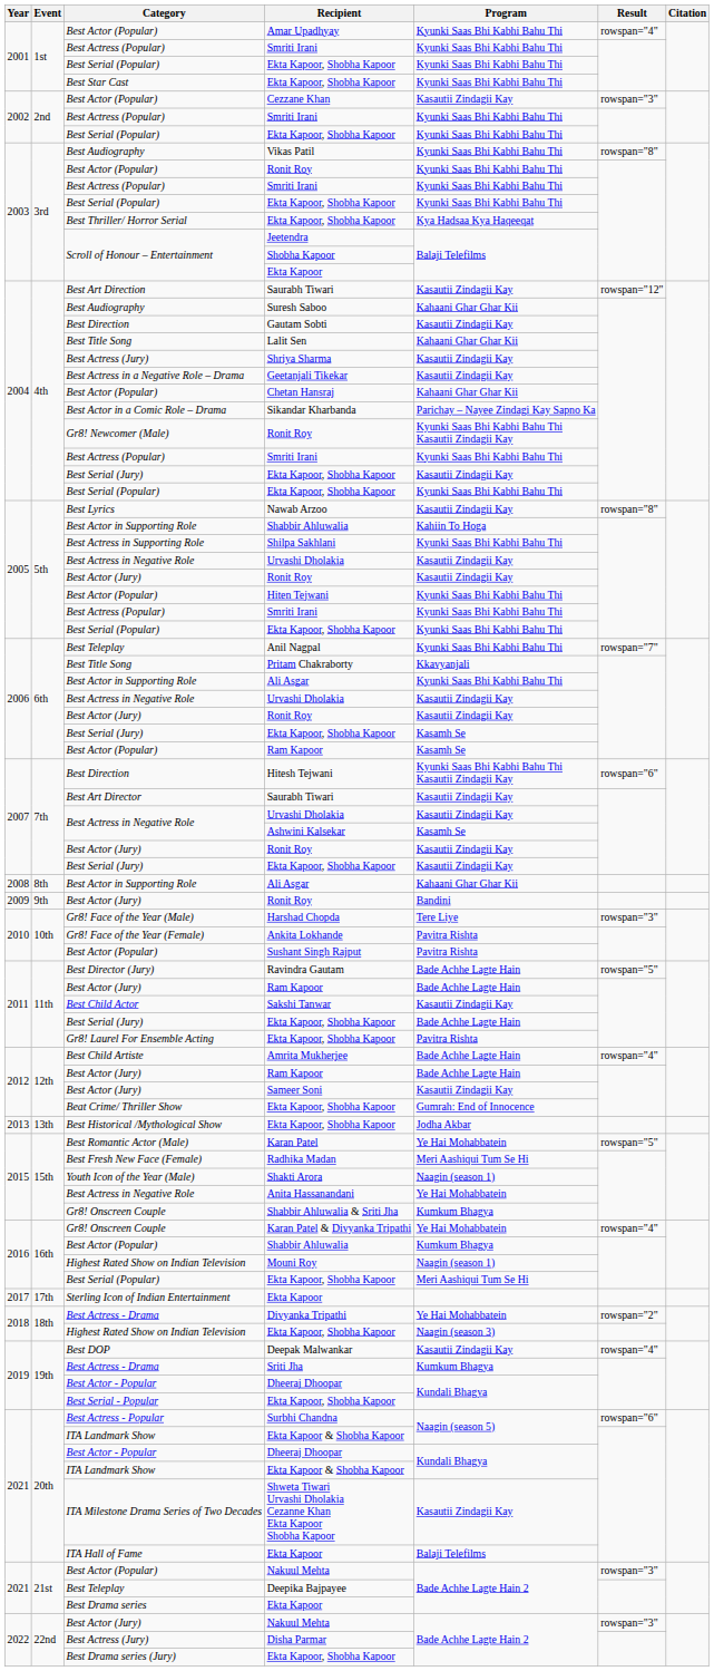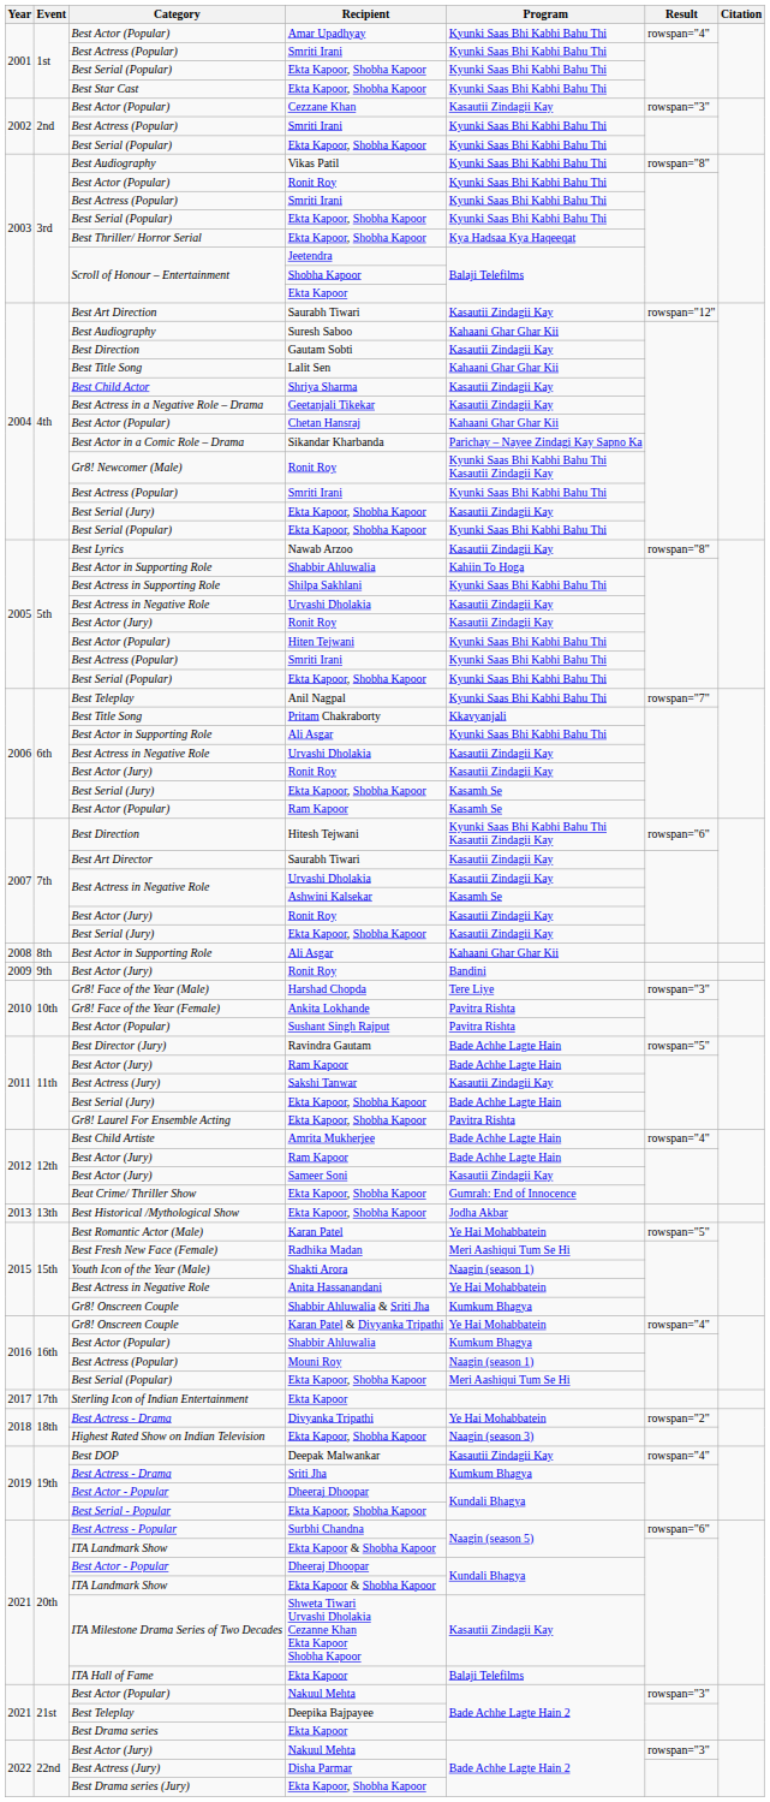 <table class="wikitable">
 <tr>
 <th>Year</th>
 <th>Event</th>
 <th>Category</th>
 <th>Recipient</th>
 <th>Program</th>
 <th>Result</th>
 <th>Citation</th>
 </tr>
 <tr>
 <td rowspan="4">2001</td>
 <td rowspan="4">1st</td>
 <td><em>Best Actor (Popular)</em></td>
 <td><a href='#'>Amar Upadhyay</a></td>
 <td><a href='#'>Kyunki Saas Bhi Kabhi Bahu Thi</a></td>
 <td>rowspan="4" </td>
 <td rowspan="4"></td>
 </tr>
 <tr>
 <td><em>Best Actress (Popular)</em></td>
 <td><a href='#'>Smriti Irani</a></td>
 <td><a href='#'>Kyunki Saas Bhi Kabhi Bahu Thi</a></td>
 </tr>
 <tr>
 <td><em>Best Serial (Popular)</em></td>
 <td><a href='#'>Ekta Kapoor</a>, <a href='#'>Shobha Kapoor</a></td>
 <td><a href='#'>Kyunki Saas Bhi Kabhi Bahu Thi</a></td>
 </tr>
 <tr>
 <td><em>Best Star Cast</em></td>
 <td><a href='#'>Ekta Kapoor</a>, <a href='#'>Shobha Kapoor</a></td>
 <td><a href='#'>Kyunki Saas Bhi Kabhi Bahu Thi</a></td>
 </tr>
 <tr>
 <td rowspan="3">2002</td>
 <td rowspan="3">2nd</td>
 <td><em>Best Actor (Popular)</em></td>
 <td><a href='#'>Cezzane Khan</a></td>
 <td><a href='#'>Kasautii Zindagii Kay</a></td>
 <td>rowspan="3" </td>
 <td rowspan="3"></td>
 </tr>
 <tr>
 <td><em>Best Actress (Popular)</em></td>
 <td><a href='#'>Smriti Irani</a></td>
 <td><a href='#'>Kyunki Saas Bhi Kabhi Bahu Thi</a></td>
 </tr>
 <tr>
 <td><em>Best Serial (Popular)</em></td>
 <td><a href='#'>Ekta Kapoor</a>, <a href='#'>Shobha Kapoor</a></td>
 <td><a href='#'>Kyunki Saas Bhi Kabhi Bahu Thi</a></td>
 </tr>
 <tr>
 <td rowspan="8">2003</td>
 <td rowspan="8">3rd</td>
 <td><em>Best Audiography</em></td>
 <td>Vikas Patil</td>
 <td><a href='#'>Kyunki Saas Bhi Kabhi Bahu Thi</a></td>
 <td>rowspan="8" </td>
 <td rowspan="8"></td>
 </tr>
 <tr>
 <td><em>Best Actor (Popular)</em></td>
 <td><a href='#'>Ronit Roy</a></td>
 <td><a href='#'>Kyunki Saas Bhi Kabhi Bahu Thi</a></td>
 </tr>
 <tr>
 <td><em>Best Actress (Popular)</em></td>
 <td><a href='#'>Smriti Irani</a></td>
 <td><a href='#'>Kyunki Saas Bhi Kabhi Bahu Thi</a></td>
 </tr>
 <tr>
 <td><em>Best Serial (Popular)</em></td>
 <td><a href='#'>Ekta Kapoor</a>, <a href='#'>Shobha Kapoor</a></td>
 <td><a href='#'>Kyunki Saas Bhi Kabhi Bahu Thi</a></td>
 </tr>
 <tr>
 <td><em>Best Thriller/ Horror Serial</em></td>
 <td><a href='#'>Ekta Kapoor</a>, <a href='#'>Shobha Kapoor</a></td>
 <td><a href='#'>Kya Hadsaa Kya Haqeeqat</a></td>
 </tr>
 <tr>
 <td rowspan="3"><em>Scroll of Honour – Entertainment</em></td>
 <td><a href='#'>Jeetendra</a></td>
 <td rowspan="3"><a href='#'>Balaji Telefilms</a></td>
 </tr>
 <tr>
 <td><a href='#'>Shobha Kapoor</a></td>
 </tr>
 <tr>
 <td><a href='#'>Ekta Kapoor</a></td>
 </tr>
 <tr>
 <td rowspan="12">2004</td>
 <td rowspan="12">4th</td>
 <td><em>Best Art Direction</em></td>
 <td>Saurabh Tiwari</td>
 <td><a href='#'>Kasautii Zindagii Kay</a></td>
 <td>rowspan="12" </td>
 <td rowspan="12"></td>
 </tr>
 <tr>
 <td><em>Best Audiography</em></td>
 <td>Suresh Saboo</td>
 <td><a href='#'>Kahaani Ghar Ghar Kii</a></td>
 </tr>
 <tr>
 <td><em>Best Direction</em></td>
 <td>Gautam Sobti</td>
 <td><a href='#'>Kasautii Zindagii Kay</a></td>
 </tr>
 <tr>
 <td><em>Best Title Song</em></td>
 <td>Lalit Sen</td>
 <td><a href='#'>Kahaani Ghar Ghar Kii</a></td>
 </tr>
 <tr>
-<td><em>Best Actress (Jury)</em></td>
+<td><em><a href='#'>Best Child Actor</a></em></td>
 <td><a href='#'>Shriya Sharma</a></td>
 <td><a href='#'>Kasautii Zindagii Kay</a></td>
 </tr>
 <tr>
 <td><em>Best Actress in a Negative Role – Drama</em></td>
 <td><a href='#'>Geetanjali Tikekar</a></td>
 <td><a href='#'>Kasautii Zindagii Kay</a></td>
 </tr>
 <tr>
 <td><em>Best Actor (Popular)</em></td>
 <td><a href='#'>Chetan Hansraj</a></td>
 <td><a href='#'>Kahaani Ghar Ghar Kii</a></td>
 </tr>
 <tr>
 <td><em>Best Actor in a Comic Role – Drama</em></td>
 <td>Sikandar Kharbanda</td>
 <td><a href='#'>Parichay – Nayee Zindagi Kay Sapno Ka</a></td>
 </tr>
 <tr>
 <td><em>Gr8! Newcomer (Male)</em></td>
 <td><a href='#'>Ronit Roy</a></td>
 <td><a href='#'>Kyunki Saas Bhi Kabhi Bahu Thi</a> <br> <a href='#'>Kasautii Zindagii Kay</a></td>
 </tr>
 <tr>
 <td><em>Best Actress (Popular)</em></td>
 <td><a href='#'>Smriti Irani</a></td>
 <td><a href='#'>Kyunki Saas Bhi Kabhi Bahu Thi</a></td>
 </tr>
 <tr>
 <td><em>Best Serial (Jury)</em></td>
 <td><a href='#'>Ekta Kapoor</a>, <a href='#'>Shobha Kapoor</a></td>
 <td><a href='#'>Kasautii Zindagii Kay</a></td>
 </tr>
 <tr>
 <td><em>Best Serial (Popular)</em></td>
 <td><a href='#'>Ekta Kapoor</a>, <a href='#'>Shobha Kapoor</a></td>
 <td><a href='#'>Kyunki Saas Bhi Kabhi Bahu Thi</a></td>
 </tr>
 <tr>
 <td rowspan="8">2005</td>
 <td rowspan="8">5th</td>
 <td><em>Best Lyrics</em></td>
 <td>Nawab Arzoo</td>
 <td><a href='#'>Kasautii Zindagii Kay</a></td>
 <td>rowspan="8" </td>
 <td rowspan="8"></td>
 </tr>
 <tr>
 <td><em>Best Actor in Supporting Role</em></td>
 <td><a href='#'>Shabbir Ahluwalia</a></td>
 <td><a href='#'>Kahiin To Hoga</a></td>
 </tr>
 <tr>
 <td><em>Best Actress in Supporting Role</em></td>
 <td><a href='#'>Shilpa Sakhlani</a></td>
 <td><a href='#'>Kyunki Saas Bhi Kabhi Bahu Thi</a></td>
 </tr>
 <tr>
 <td><em>Best Actress in Negative Role</em></td>
 <td><a href='#'>Urvashi Dholakia</a></td>
 <td><a href='#'>Kasautii Zindagii Kay</a></td>
 </tr>
 <tr>
 <td><em>Best Actor (Jury)</em></td>
 <td><a href='#'>Ronit Roy</a></td>
 <td><a href='#'>Kasautii Zindagii Kay</a></td>
 </tr>
 <tr>
 <td><em>Best Actor (Popular)</em></td>
 <td><a href='#'>Hiten Tejwani</a></td>
 <td><a href='#'>Kyunki Saas Bhi Kabhi Bahu Thi</a></td>
 </tr>
 <tr>
 <td><em>Best Actress (Popular)</em></td>
 <td><a href='#'>Smriti Irani</a></td>
 <td><a href='#'>Kyunki Saas Bhi Kabhi Bahu Thi</a></td>
 </tr>
 <tr>
 <td><em>Best Serial (Popular)</em></td>
 <td><a href='#'>Ekta Kapoor</a>, <a href='#'>Shobha Kapoor</a></td>
 <td><a href='#'>Kyunki Saas Bhi Kabhi Bahu Thi</a></td>
 </tr>
 <tr>
 <td rowspan="7">2006</td>
 <td rowspan="7">6th</td>
 <td><em>Best Teleplay</em></td>
 <td>Anil Nagpal</td>
 <td><a href='#'>Kyunki Saas Bhi Kabhi Bahu Thi</a></td>
 <td>rowspan="7" </td>
 <td rowspan="7"></td>
 </tr>
 <tr>
 <td><em>Best Title Song</em></td>
 <td><a href='#'>Pritam</a> Chakraborty</td>
 <td><a href='#'>Kkavyanjali</a></td>
 </tr>
 <tr>
 <td><em>Best Actor in Supporting Role</em></td>
 <td><a href='#'>Ali Asgar</a></td>
 <td><a href='#'>Kyunki Saas Bhi Kabhi Bahu Thi</a></td>
 </tr>
 <tr>
 <td><em>Best Actress in Negative Role</em></td>
 <td><a href='#'>Urvashi Dholakia</a></td>
 <td><a href='#'>Kasautii Zindagii Kay</a></td>
 </tr>
 <tr>
 <td><em>Best Actor (Jury)</em></td>
 <td><a href='#'>Ronit Roy</a></td>
 <td><a href='#'>Kasautii Zindagii Kay</a></td>
 </tr>
 <tr>
 <td><em>Best Serial (Jury)</em></td>
 <td><a href='#'>Ekta Kapoor</a>, <a href='#'>Shobha Kapoor</a></td>
 <td><a href='#'>Kasamh Se</a></td>
 </tr>
 <tr>
 <td><em>Best Actor (Popular)</em></td>
 <td><a href='#'>Ram Kapoor</a></td>
 <td><a href='#'>Kasamh Se</a></td>
 </tr>
 <tr>
 <td rowspan="6">2007</td>
 <td rowspan="6">7th</td>
 <td><em>Best Direction</em></td>
 <td>Hitesh Tejwani</td>
 <td><a href='#'>Kyunki Saas Bhi Kabhi Bahu Thi</a> <br> <a href='#'>Kasautii Zindagii Kay</a></td>
 <td>rowspan="6" </td>
 <td rowspan="6"></td>
 </tr>
 <tr>
 <td><em>Best Art Director</em></td>
 <td>Saurabh Tiwari</td>
 <td><a href='#'>Kasautii Zindagii Kay</a></td>
 </tr>
 <tr>
 <td rowspan="2"><em>Best Actress in Negative Role</em></td>
 <td><a href='#'>Urvashi Dholakia</a></td>
 <td><a href='#'>Kasautii Zindagii Kay</a></td>
 </tr>
 <tr>
 <td><a href='#'>Ashwini Kalsekar</a></td>
 <td><a href='#'>Kasamh Se</a></td>
 </tr>
 <tr>
 <td><em>Best Actor (Jury)</em></td>
 <td><a href='#'>Ronit Roy</a></td>
 <td><a href='#'>Kasautii Zindagii Kay</a></td>
 </tr>
 <tr>
 <td><em>Best Serial (Jury)</em></td>
 <td><a href='#'>Ekta Kapoor</a>, <a href='#'>Shobha Kapoor</a></td>
 <td><a href='#'>Kasautii Zindagii Kay</a></td>
 </tr>
 <tr>
 <td>2008</td>
 <td>8th</td>
 <td><em>Best Actor in Supporting Role</em></td>
 <td><a href='#'>Ali Asgar</a></td>
 <td><a href='#'>Kahaani Ghar Ghar Kii</a></td>
 <td></td>
 <td></td>
 </tr>
 <tr>
 <td>2009</td>
 <td>9th</td>
 <td><em>Best Actor (Jury)</em></td>
 <td><a href='#'>Ronit Roy</a></td>
 <td><a href='#'>Bandini</a></td>
 <td></td>
 <td></td>
 </tr>
 <tr>
 <td rowspan="3">2010</td>
 <td rowspan="3">10th</td>
 <td><em>Gr8! Face of the Year (Male)</em></td>
 <td><a href='#'>Harshad Chopda</a></td>
 <td><a href='#'>Tere Liye</a></td>
 <td>rowspan="3" </td>
 <td rowspan="3"></td>
 </tr>
 <tr>
 <td><em>Gr8! Face of the Year (Female)</em></td>
 <td><a href='#'>Ankita Lokhande</a></td>
 <td><a href='#'>Pavitra Rishta</a></td>
 </tr>
 <tr>
 <td><em>Best Actor (Popular)</em></td>
 <td><a href='#'>Sushant Singh Rajput</a></td>
 <td><a href='#'>Pavitra Rishta</a></td>
 </tr>
 <tr>
 <td rowspan="5">2011</td>
 <td rowspan="5">11th</td>
 <td><em>Best Director (Jury)</em></td>
 <td>Ravindra Gautam</td>
 <td><a href='#'>Bade Achhe Lagte Hain</a></td>
 <td>rowspan="5" </td>
 <td rowspan="5"></td>
 </tr>
 <tr>
 <td><em>Best Actor (Jury)</em></td>
 <td><a href='#'>Ram Kapoor</a></td>
 <td><a href='#'>Bade Achhe Lagte Hain</a></td>
 </tr>
 <tr>
-<td><em><a href='#'>Best Child Actor</a></em></td>
+<td><em>Best Actress (Jury)</em></td>
 <td><a href='#'>Sakshi Tanwar</a></td>
 <td><a href='#'>Kasautii Zindagii Kay</a></td>
 </tr>
 <tr>
 <td><em>Best Serial (Jury)</em></td>
 <td><a href='#'>Ekta Kapoor</a>, <a href='#'>Shobha Kapoor</a></td>
 <td><a href='#'>Bade Achhe Lagte Hain</a></td>
 </tr>
 <tr>
 <td><em>Gr8! Laurel For Ensemble Acting</em></td>
 <td><a href='#'>Ekta Kapoor</a>, <a href='#'>Shobha Kapoor</a></td>
 <td><a href='#'>Pavitra Rishta</a></td>
 </tr>
 <tr>
 <td rowspan="4">2012</td>
 <td rowspan="4">12th</td>
 <td><em>Best Child Artiste</em></td>
 <td><a href='#'>Amrita Mukherjee</a></td>
 <td><a href='#'>Bade Achhe Lagte Hain</a></td>
 <td>rowspan="4" </td>
 <td rowspan="4"></td>
 </tr>
 <tr>
 <td><em>Best Actor (Jury)</em></td>
 <td><a href='#'>Ram Kapoor</a></td>
 <td><a href='#'>Bade Achhe Lagte Hain</a></td>
 </tr>
 <tr>
 <td><em>Best Actor (Jury)</em></td>
 <td><a href='#'>Sameer Soni</a></td>
 <td><a href='#'>Kasautii Zindagii Kay</a></td>
 </tr>
 <tr>
 <td><em>Beat Crime/ Thriller Show</em></td>
 <td><a href='#'>Ekta Kapoor</a>, <a href='#'>Shobha Kapoor</a></td>
 <td><a href='#'>Gumrah: End of Innocence</a></td>
 </tr>
 <tr>
 <td>2013</td>
 <td>13th</td>
 <td><em>Best Historical /Mythological Show</em></td>
 <td><a href='#'>Ekta Kapoor</a>, <a href='#'>Shobha Kapoor</a></td>
 <td><a href='#'>Jodha Akbar</a></td>
 <td></td>
 <td></td>
 </tr>
 <tr>
 <td rowspan="5">2015</td>
 <td rowspan="5">15th</td>
 <td><em>Best Romantic Actor (Male)</em></td>
 <td><a href='#'>Karan Patel</a></td>
 <td><a href='#'>Ye Hai Mohabbatein</a></td>
 <td>rowspan="5" </td>
 <td rowspan="5"></td>
 </tr>
 <tr>
 <td><em>Best Fresh New Face (Female)</em></td>
 <td><a href='#'>Radhika Madan</a></td>
 <td><a href='#'>Meri Aashiqui Tum Se Hi</a></td>
 </tr>
 <tr>
 <td><em>Youth Icon of the Year (Male)</em></td>
 <td><a href='#'>Shakti Arora</a></td>
 <td><a href='#'>Naagin (season 1)</a></td>
 </tr>
 <tr>
 <td><em>Best Actress in Negative Role</em></td>
 <td><a href='#'>Anita Hassanandani</a></td>
 <td><a href='#'>Ye Hai Mohabbatein</a></td>
 </tr>
 <tr>
 <td><em>Gr8! Onscreen Couple</em></td>
 <td><a href='#'>Shabbir Ahluwalia</a> & <a href='#'>Sriti Jha</a></td>
 <td><a href='#'>Kumkum Bhagya</a></td>
 </tr>
 <tr>
 <td rowspan="4">2016</td>
 <td rowspan="4">16th</td>
 <td><em>Gr8! Onscreen Couple</em></td>
 <td><a href='#'>Karan Patel</a> & <a href='#'>Divyanka Tripathi</a></td>
 <td><a href='#'>Ye Hai Mohabbatein</a></td>
 <td>rowspan="4" </td>
 <td rowspan="4"></td>
 </tr>
 <tr>
 <td><em>Best Actor (Popular)</em></td>
 <td><a href='#'>Shabbir Ahluwalia</a></td>
 <td><a href='#'>Kumkum Bhagya</a></td>
 </tr>
 <tr>
-<td><em>Highest Rated Show on Indian Television</em></td>
+<td><em>Best Actress (Popular)</em></td>
 <td><a href='#'>Mouni Roy</a></td>
 <td><a href='#'>Naagin (season 1)</a></td>
 </tr>
 <tr>
 <td><em>Best Serial (Popular)</em></td>
 <td><a href='#'>Ekta Kapoor</a>, <a href='#'>Shobha Kapoor</a></td>
 <td><a href='#'>Meri Aashiqui Tum Se Hi</a></td>
 </tr>
 <tr>
 <td>2017</td>
 <td>17th</td>
 <td><em>Sterling Icon of Indian Entertainment</em></td>
 <td><a href='#'>Ekta Kapoor</a></td>
 <td></td>
 <td></td>
 <td></td>
 </tr>
 <tr>
 <td rowspan="2">2018</td>
 <td rowspan="2">18th</td>
 <td><em><a href='#'>Best Actress - Drama</a></em></td>
 <td><a href='#'>Divyanka Tripathi</a></td>
 <td><a href='#'>Ye Hai Mohabbatein</a></td>
 <td>rowspan="2" </td>
 <td rowspan="2"></td>
 </tr>
 <tr>
 <td><em>Highest Rated Show on Indian Television</em></td>
 <td><a href='#'>Ekta Kapoor</a>, <a href='#'>Shobha Kapoor</a></td>
 <td><a href='#'>Naagin (season 3)</a></td>
 </tr>
 <tr>
 <td rowspan="4">2019</td>
 <td rowspan="4">19th</td>
 <td><em>Best DOP</em></td>
 <td>Deepak Malwankar</td>
 <td><a href='#'>Kasautii Zindagii Kay</a></td>
 <td>rowspan="4" </td>
 <td rowspan="4"></td>
 </tr>
 <tr>
 <td><em><a href='#'>Best Actress - Drama</a></em></td>
 <td><a href='#'>Sriti Jha</a></td>
 <td><a href='#'>Kumkum Bhagya</a></td>
 </tr>
 <tr>
 <td><em><a href='#'>Best Actor - Popular</a></em></td>
 <td><a href='#'>Dheeraj Dhoopar</a></td>
 <td rowspan="2"><a href='#'>Kundali Bhagya</a></td>
 </tr>
 <tr>
 <td><em><a href='#'>Best Serial - Popular</a></em></td>
 <td><a href='#'>Ekta Kapoor</a>, <a href='#'>Shobha Kapoor</a></td>
 </tr>
 <tr>
 <td rowspan="6">2021</td>
 <td rowspan="6">20th</td>
 <td><em><a href='#'>Best Actress - Popular</a></em></td>
 <td><a href='#'>Surbhi Chandna</a></td>
 <td rowspan="2"><a href='#'>Naagin (season 5)</a></td>
 <td>rowspan="6" </td>
 <td rowspan="6"></td>
 </tr>
 <tr>
 <td><em>ITA Landmark Show</em></td>
 <td><a href='#'>Ekta Kapoor</a> & <a href='#'>Shobha Kapoor</a></td>
 </tr>
 <tr>
 <td><em><a href='#'>Best Actor - Popular</a></em></td>
 <td><a href='#'>Dheeraj Dhoopar</a></td>
 <td rowspan="2"><a href='#'>Kundali Bhagya</a></td>
 </tr>
 <tr>
 <td><em>ITA Landmark Show</em></td>
 <td><a href='#'>Ekta Kapoor</a> & <a href='#'>Shobha Kapoor</a></td>
 </tr>
 <tr>
 <td><em>ITA Milestone Drama Series of Two Decades</em></td>
 <td><a href='#'>Shweta Tiwari</a> <br> <a href='#'>Urvashi Dholakia</a> <br> <a href='#'>Cezanne Khan</a> <br> <a href='#'>Ekta Kapoor</a> <br> <a href='#'>Shobha Kapoor</a></td>
 <td><a href='#'>Kasautii Zindagii Kay</a></td>
 </tr>
 <tr>
 <td><em>ITA Hall of Fame</em></td>
 <td><a href='#'>Ekta Kapoor</a></td>
 <td><a href='#'>Balaji Telefilms</a></td>
 </tr>
 <tr>
 <td rowspan="3">2021</td>
 <td rowspan="3">21st</td>
 <td><em>Best Actor (Popular)</em></td>
 <td><a href='#'>Nakuul Mehta</a></td>
 <td rowspan="3"><a href='#'>Bade Achhe Lagte Hain 2</a></td>
 <td>rowspan="3" </td>
 <td rowspan="3"></td>
 </tr>
 <tr>
 <td><em>Best Teleplay</em></td>
 <td>Deepika Bajpayee</td>
 </tr>
 <tr>
 <td><em>Best Drama series </em></td>
 <td><a href='#'>Ekta Kapoor</a></td>
 </tr>
 <tr>
 <td rowspan="3">2022</td>
 <td rowspan="3">22nd</td>
 <td><em>Best Actor (Jury)</em></td>
 <td><a href='#'>Nakuul Mehta</a></td>
 <td rowspan="3"><a href='#'>Bade Achhe Lagte Hain 2</a></td>
 <td>rowspan="3" </td>
 <td rowspan="3"></td>
 </tr>
 <tr>
 <td><em>Best Actress (Jury)</em></td>
 <td><a href='#'>Disha Parmar</a></td>
 </tr>
 <tr>
 <td><em>Best Drama series (Jury)</em></td>
 <td><a href='#'>Ekta Kapoor</a>, <a href='#'>Shobha Kapoor</a></td>
 </tr>
 </table>
